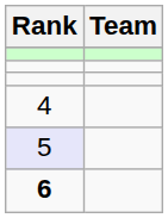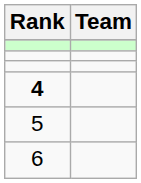 <table class="wikitable" border="1">
 <tr>
 <th>Rank</th>
 <th>Team</th>
 </tr>
 <tr>
 </tr>
 <tr bgcolor=#ccffcc>
 <td align=center></td>
 <td></td>
 </tr>
 <tr>
 <td align=center></td>
 <td></td>
 </tr>
 <tr>
 <td align=center></td>
 <td></td>
 </tr>
 <tr>
-<td align=center>4</td>
+<td align=center><strong>4</strong></td>
 <td></td>
 </tr>
 <tr>
-<td align=center style="background: lavender;">5</td>
+<td align=center>5</td>
 <td></td>
 </tr>
 <tr>
-<td align=center><strong>6</strong></td>
+<td align=center>6</td>
 <td></td>
 </tr>
 </table>
